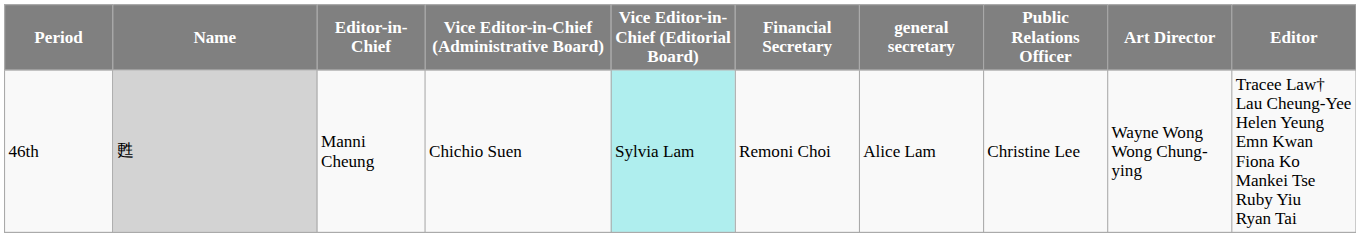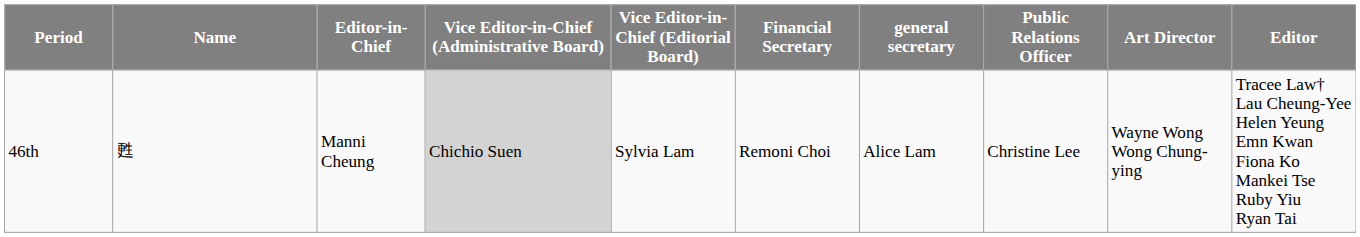 <table class="wikitable" style="width:100%;text-align: left">
 <tr style="background:gray; color:white;text-align: center">
 <td style="width:60px"><strong>Period</strong></td>
 <td style="width:120px"><strong>Name</strong></td>
 <td style="width:60px"><strong>Editor-in-Chief</strong></td>
 <td style="width:70px"><strong>Vice Editor-in-Chief (Administrative Board)</strong></td>
 <td style="width:70px"><strong>Vice Editor-in-Chief (Editorial Board)</strong></td>
 <td style="width:70px"><strong>Financial Secretary</strong></td>
 <td style="width:70px"><strong>general secretary</strong></td>
 <td style="width:70px"><strong>Public Relations Officer</strong></td>
 <td style="width:70px"><strong>Art Director</strong></td>
 <td style="width:70px"><strong>Editor</strong></td>
 </tr>
 <tr>
 <td>46th</td>
-<td style="background: lightgrey;">甦</td>
+<td>甦</td>
 <td>Manni Cheung</td>
-<td>Chichio Suen</td>
-<td style="background: paleturquoise;">Sylvia Lam</td>
+<td style="background: lightgrey;">Chichio Suen</td>
+<td>Sylvia Lam</td>
 <td>Remoni Choi</td>
 <td>Alice Lam</td>
 <td>Christine Lee</td>
 <td>Wayne Wong<br>Wong Chung-ying</td>
 <td>Tracee Law†<br>Lau Cheung-Yee<br>Helen Yeung<br>Emn Kwan<br>Fiona Ko<br>Mankei Tse<br>Ruby Yiu<br>Ryan Tai</td>
 </tr>
 <tr>
 </tr>
 </table>
